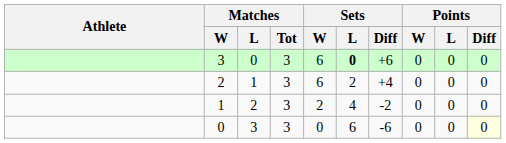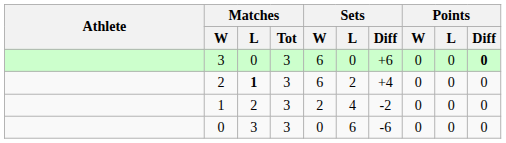 <table class=wikitable style="text-align:center">
 <tr>
 <th rowspan=2 width=220>Athlete</th>
 <th colspan=3 width=90>Matches</th>
 <th colspan=3 width=90>Sets</th>
 <th colspan=3 width=90>Points</th>
 </tr>
 <tr>
 <th width=30>W</th>
 <th width=30>L</th>
 <th width=30>Tot</th>
 <th width=30>W</th>
 <th width=30>L</th>
 <th width=30>Diff</th>
 <th width=30>W</th>
 <th width=30>L</th>
 <th width=30>Diff</th>
 </tr>
 <tr bgcolor=ccffcc>
 <td style="text-align:left"></td>
 <td>3</td>
 <td>0</td>
 <td>3</td>
 <td>6</td>
-<td><strong>0</strong></td>
+<td>0</td>
 <td>+6</td>
 <td>0</td>
 <td>0</td>
-<td>0</td>
+<td><strong>0</strong></td>
 </tr>
 <tr>
 <td style="text-align:left"></td>
 <td>2</td>
-<td>1</td>
+<td><strong>1</strong></td>
 <td>3</td>
 <td>6</td>
 <td>2</td>
 <td>+4</td>
 <td>0</td>
 <td>0</td>
 <td>0</td>
 </tr>
 <tr>
 <td style="text-align:left"></td>
 <td>1</td>
 <td>2</td>
 <td>3</td>
 <td>2</td>
 <td>4</td>
 <td>-2</td>
 <td>0</td>
 <td>0</td>
 <td>0</td>
 </tr>
 <tr>
 <td style="text-align:left"></td>
 <td>0</td>
 <td>3</td>
 <td>3</td>
 <td>0</td>
 <td>6</td>
 <td>-6</td>
 <td>0</td>
 <td>0</td>
-<td style="background: lightyellow;">0</td>
+<td>0</td>
 </tr>
 </table>
